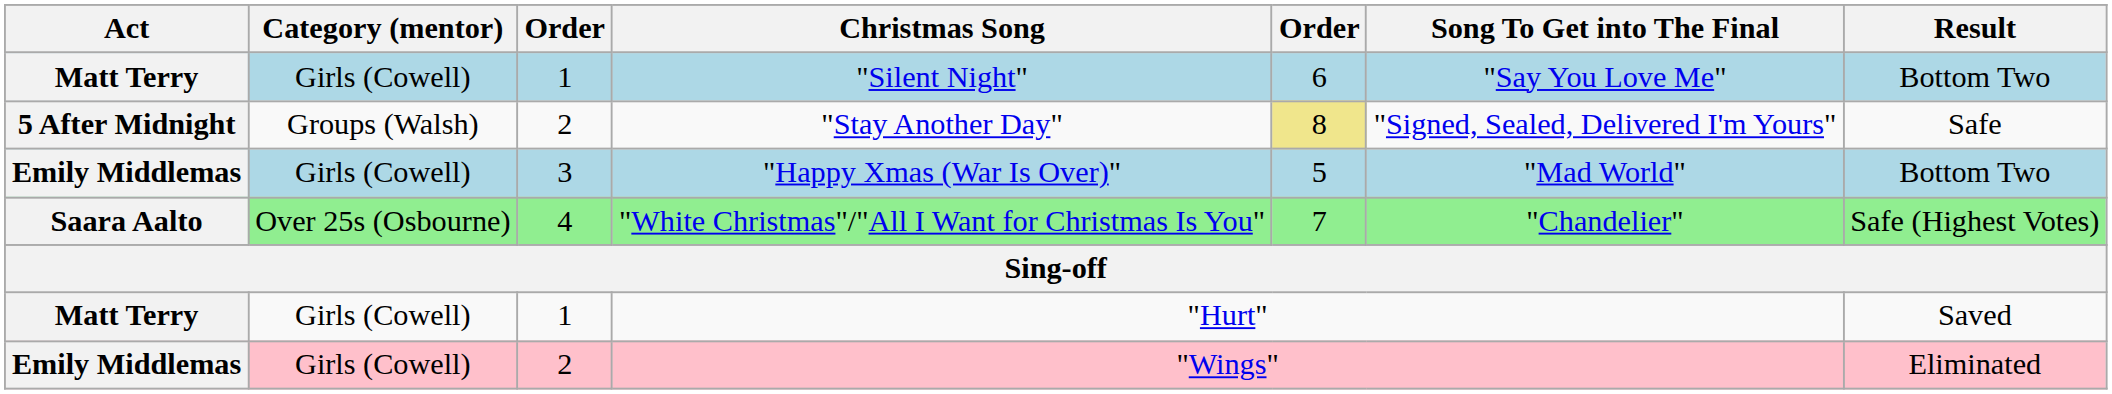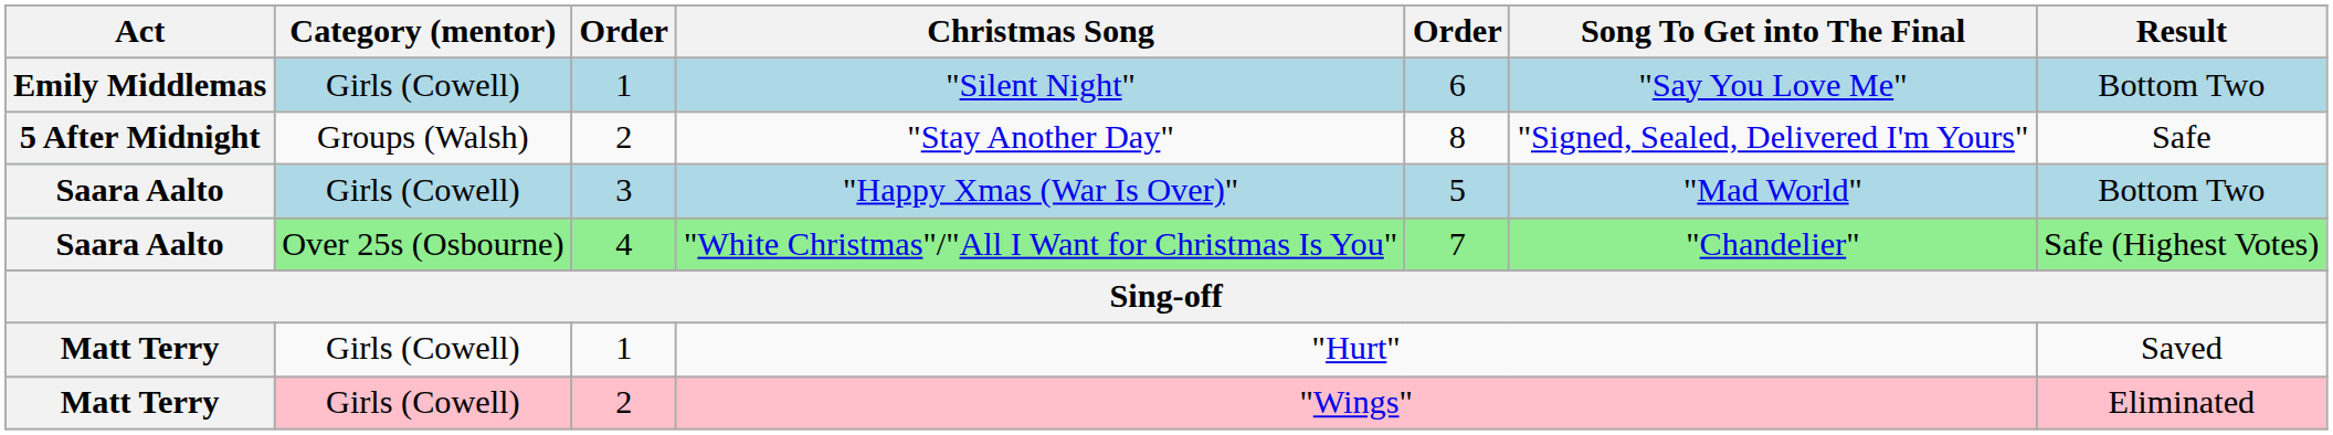 <table class="wikitable plainrowheaders" style="text-align:center;">
 <tr>
 <th scope="col">Act</th>
 <th scope="col">Category (mentor)</th>
 <th scope="col">Order</th>
 <th scope="col">Christmas Song</th>
 <th scope="col">Order</th>
 <th scope="col">Song To Get into The Final</th>
 <th scope="col">Result</th>
 </tr>
 <tr style="background:lightblue;">
-<th scope="row">Matt Terry</th>
+<th scope="row">Emily Middlemas</th>
 <td>Girls (Cowell)</td>
 <td>1</td>
 <td>"<a href='#'>Silent Night</a>"</td>
 <td>6</td>
 <td>"<a href='#'>Say You Love Me</a>"</td>
 <td>Bottom Two</td>
 </tr>
 <tr>
 <th scope="row">5 After Midnight</th>
 <td>Groups (Walsh)</td>
 <td>2</td>
 <td>"<a href='#'>Stay Another Day</a>"</td>
-<td style="background: khaki;">8</td>
+<td>8</td>
 <td>"<a href='#'>Signed, Sealed, Delivered I'm Yours</a>"</td>
 <td>Safe</td>
 </tr>
 <tr style="background:lightblue;">
-<th scope="row">Emily Middlemas</th>
+<th scope="row">Saara Aalto</th>
 <td>Girls (Cowell)</td>
 <td>3</td>
 <td>"<a href='#'>Happy Xmas (War Is Over)</a>"</td>
 <td>5</td>
 <td>"<a href='#'>Mad World</a>"</td>
 <td>Bottom Two</td>
 </tr>
 <tr style="background:lightgreen;">
 <th scope="row">Saara Aalto</th>
 <td>Over 25s (Osbourne)</td>
 <td>4</td>
 <td>"<a href='#'>White Christmas</a>"/"<a href='#'>All I Want for Christmas Is You</a>"</td>
 <td>7</td>
 <td>"<a href='#'>Chandelier</a>"</td>
 <td>Safe (Highest Votes)</td>
 </tr>
 <tr>
 <th colspan="7">Sing-off</th>
 </tr>
 <tr>
 <th scope="row">Matt Terry</th>
 <td>Girls (Cowell)</td>
 <td>1</td>
 <td colspan="3">"<a href='#'>Hurt</a>"</td>
 <td>Saved</td>
 </tr>
 <tr style="background:pink;">
-<th scope="row">Emily Middlemas</th>
+<th scope="row">Matt Terry</th>
 <td>Girls (Cowell)</td>
 <td>2</td>
 <td colspan="3">"<a href='#'>Wings</a>"</td>
 <td>Eliminated</td>
 </tr>
 </table>
